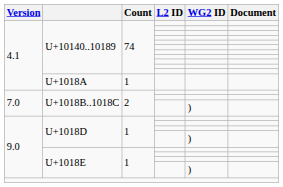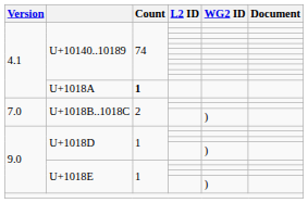 <table class="wikitable collapsible sticky-header">
 <tr>
 <th><a href='#'>Version</a></th>
 <th></th>
 <th>Count</th>
 <th><a href='#'>L2</a> ID</th>
 <th><a href='#'>WG2</a> ID</th>
 <th>Document</th>
 </tr>
 <tr>
 <td rowspan="12">4.1</td>
 <td rowspan="11">U+10140..10189</td>
 <td rowspan="11">74</td>
 <td></td>
 <td></td>
 <td></td>
 </tr>
 <tr>
 <td></td>
 <td></td>
 <td></td>
 </tr>
 <tr>
 <td></td>
 <td></td>
 <td></td>
 </tr>
 <tr>
 <td></td>
 <td></td>
 <td></td>
 </tr>
 <tr>
 <td></td>
 <td></td>
 <td></td>
 </tr>
 <tr>
 <td></td>
 <td></td>
 <td></td>
 </tr>
 <tr>
 <td></td>
 <td></td>
 <td></td>
 </tr>
 <tr>
 <td></td>
 <td></td>
 <td></td>
 </tr>
 <tr>
 <td></td>
 <td></td>
 <td></td>
 </tr>
 <tr>
 <td></td>
 <td></td>
 <td></td>
 </tr>
 <tr>
 <td></td>
 <td></td>
 <td></td>
 </tr>
 <tr>
 <td>U+1018A</td>
-<td>1</td>
+<td><strong>1</strong></td>
 <td></td>
 <td></td>
 <td></td>
 </tr>
 <tr>
 <td rowspan="3">7.0</td>
 <td rowspan="3">U+1018B..1018C</td>
 <td rowspan="3">2</td>
 <td></td>
 <td></td>
 <td></td>
 </tr>
 <tr>
 <td></td>
 <td></td>
 <td></td>
 </tr>
 <tr>
 <td></td>
 <td> )</td>
 <td></td>
 </tr>
 <tr>
 <td rowspan="8">9.0</td>
 <td rowspan="4">U+1018D</td>
 <td rowspan="4">1</td>
 <td></td>
 <td></td>
 <td></td>
 </tr>
 <tr>
 <td></td>
 <td></td>
 <td></td>
 </tr>
 <tr>
 <td></td>
 <td></td>
 <td></td>
 </tr>
 <tr>
 <td></td>
 <td> )</td>
 <td></td>
 </tr>
 <tr>
 <td rowspan="4">U+1018E</td>
 <td rowspan="4">1</td>
 <td></td>
 <td></td>
 <td></td>
 </tr>
 <tr>
 <td></td>
 <td></td>
 <td></td>
 </tr>
 <tr>
 <td></td>
 <td></td>
 <td></td>
 </tr>
 <tr>
 <td></td>
 <td> )</td>
 <td></td>
 </tr>
 <tr class="sortbottom">
 <td colspan="6"></td>
 </tr>
 </table>
